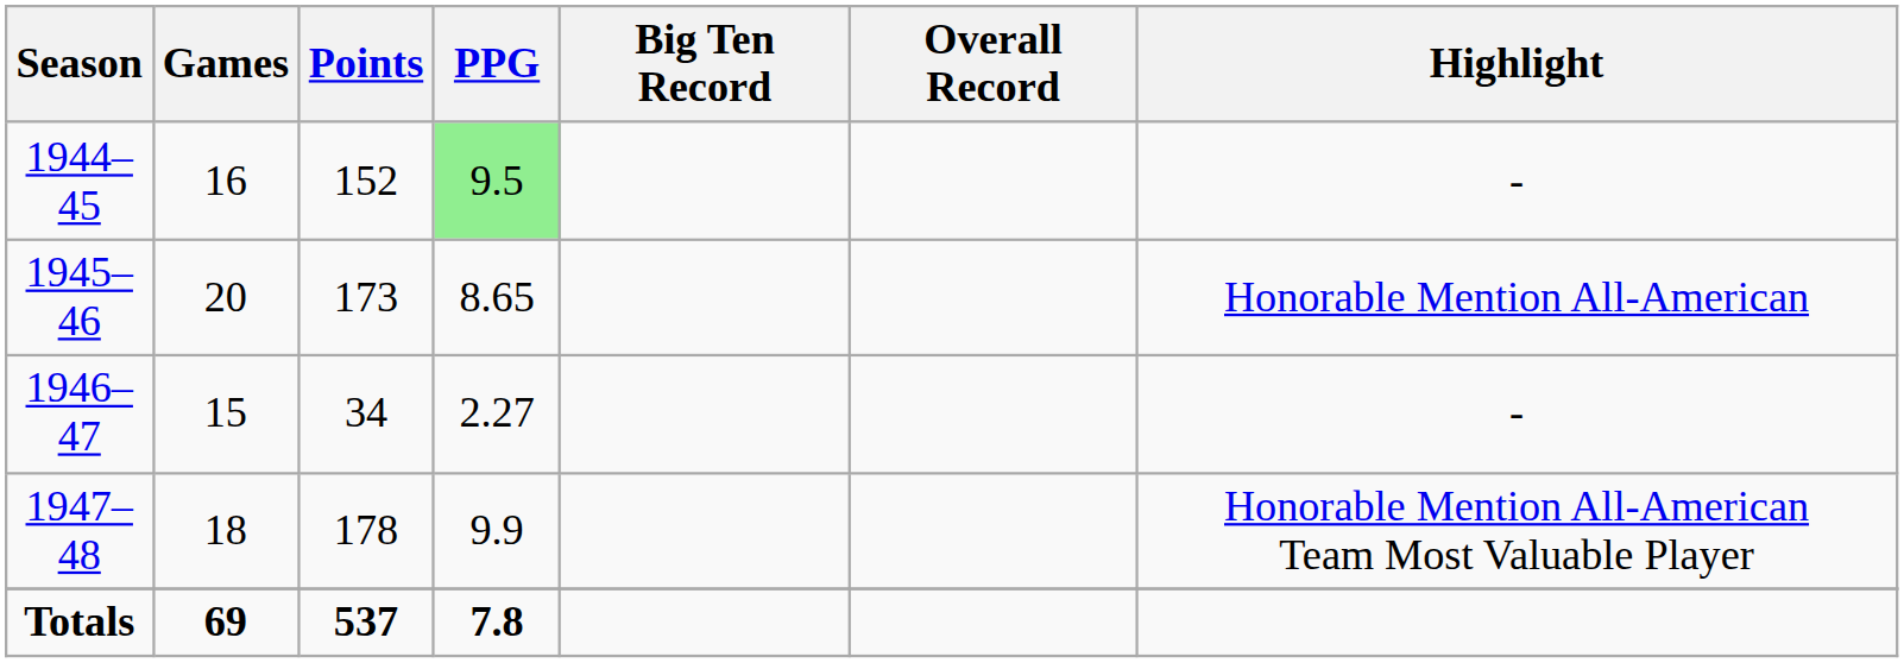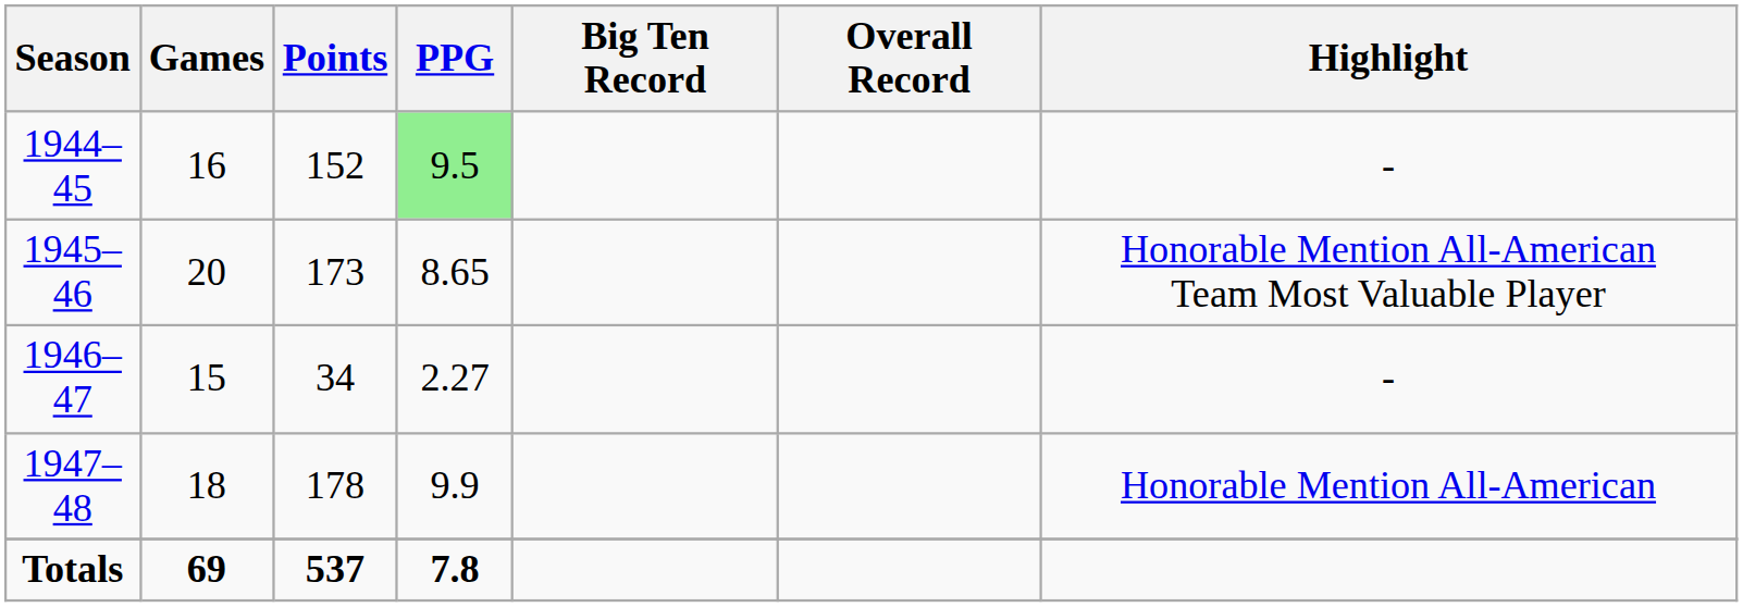 <table class="wikitable sortable" style="text-align:center">
 <tr>
 <th width=40px>Season</th>
 <th width=40px>Games</th>
 <th width=40px><a href='#'>Points</a></th>
 <th width=40px><a href='#'>PPG</a></th>
 <th width=100px>Big Ten <br>Record</th>
 <th width=100px>Overall <br>Record</th>
 <th width=275px>Highlight</th>
 </tr>
 <tr>
 <td><a href='#'>1944–45</a></td>
 <td>16</td>
 <td>152</td>
 <td style="background: lightgreen;">9.5</td>
 <td></td>
 <td></td>
 <td>-</td>
 </tr>
 <tr>
 <td><a href='#'>1945–46</a></td>
 <td>20</td>
 <td>173</td>
 <td>8.65</td>
 <td></td>
 <td></td>
-<td><a href='#'>Honorable Mention All-American</a></td>
+<td><a href='#'>Honorable Mention All-American</a><br>Team Most Valuable Player</td>
 </tr>
 <tr>
 <td><a href='#'>1946–47</a></td>
 <td>15</td>
 <td>34</td>
 <td>2.27</td>
 <td></td>
 <td></td>
 <td>-</td>
 </tr>
 <tr>
 <td><a href='#'>1947–48</a></td>
 <td>18</td>
 <td>178</td>
 <td>9.9</td>
 <td></td>
 <td></td>
-<td><a href='#'>Honorable Mention All-American</a><br>Team Most Valuable Player</td>
+<td><a href='#'>Honorable Mention All-American</a></td>
 </tr>
 <tr>
 </tr>
 <tr class="sortbottom">
 <td><strong>Totals</strong></td>
 <td><strong>69</strong></td>
 <td><strong>537</strong></td>
 <td><strong>7.8</strong></td>
 <td><strong></strong></td>
 <td><strong></strong></td>
 <td></td>
 </tr>
 </table>
